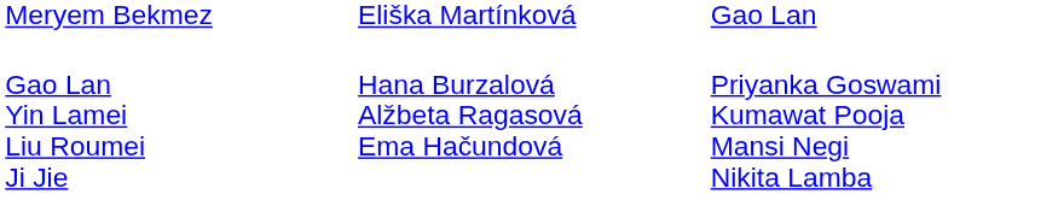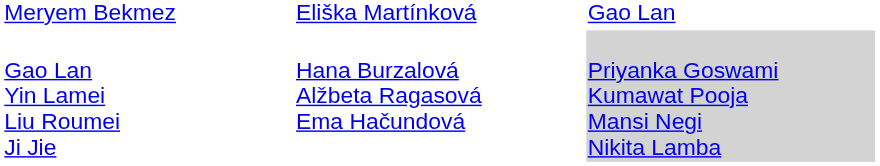 <table>
 <tr>
 <td><a href='#'>Meryem Bekmez</a><br></td>
 <td><a href='#'>Eliška Martínková</a><br></td>
 <td><a href='#'>Gao Lan</a><br></td>
 </tr>
 <tr>
 <td width=200 valign=top><br><a href='#'>Gao Lan</a><br><a href='#'>Yin Lamei</a><br><a href='#'>Liu Roumei</a><br><a href='#'>Ji Jie</a></td>
 <td width=200 valign=top><br><a href='#'>Hana Burzalová</a><br><a href='#'>Alžbeta Ragasová</a><br><a href='#'>Ema Hačundová</a></td>
-<td width=200 valign=top><br><a href='#'>Priyanka Goswami</a><br><a href='#'>Kumawat Pooja</a><br><a href='#'>Mansi Negi</a><br><a href='#'>Nikita Lamba</a></td>
+<td width=200 valign=top style="background: lightgrey;"><br><a href='#'>Priyanka Goswami</a><br><a href='#'>Kumawat Pooja</a><br><a href='#'>Mansi Negi</a><br><a href='#'>Nikita Lamba</a></td>
 </tr>
 </table>
